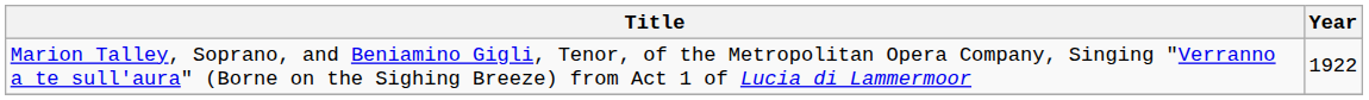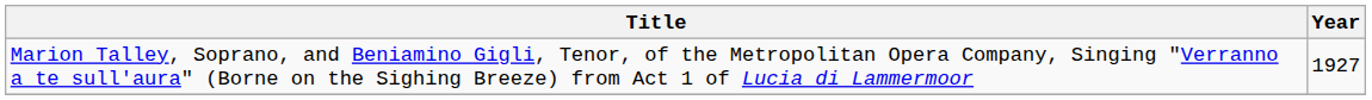 <table class="wikitable">
 <tr>
 <th>Title</th>
 <th>Year</th>
 </tr>
 <tr>
 <td><a href='#'>Marion Talley</a>, Soprano, and <a href='#'>Beniamino Gigli</a>, Tenor, of the Metropolitan Opera Company, Singing "<a href='#'>Verranno a te sull'aura</a>" (Borne on the Sighing Breeze) from Act 1 of <em><a href='#'>Lucia di Lammermoor</a></em></td>
-<td>1922</td>
+<td>1927</td>
 </tr>
 <tr>
 </tr>
 </table>
